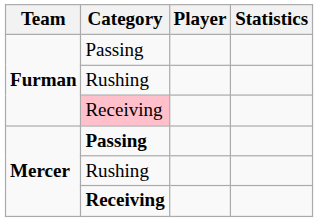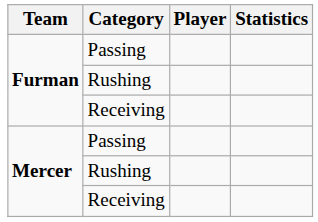 <table class="wikitable" style="float: right;">
 <tr>
 <th>Team</th>
 <th>Category</th>
 <th>Player</th>
 <th>Statistics</th>
 </tr>
 <tr>
 <td rowspan=3><strong>Furman</strong></td>
 <td>Passing</td>
 <td></td>
 <td></td>
 </tr>
 <tr>
 <td>Rushing</td>
 <td></td>
 <td></td>
 </tr>
 <tr>
-<td style="background: pink;">Receiving</td>
+<td>Receiving</td>
 <td></td>
 <td></td>
 </tr>
 <tr>
 <td rowspan=3><strong>Mercer</strong></td>
-<td><strong>Passing</strong></td>
+<td>Passing</td>
 <td></td>
 <td></td>
 </tr>
 <tr>
 <td>Rushing</td>
 <td></td>
 <td></td>
 </tr>
 <tr>
-<td><strong>Receiving</strong></td>
+<td>Receiving</td>
 <td></td>
 <td></td>
 </tr>
 </table>
